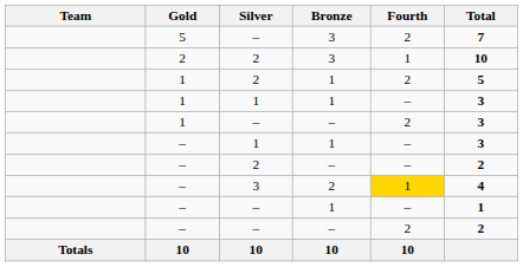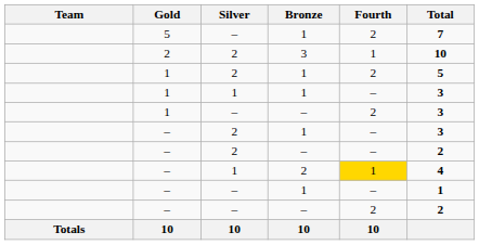 <table class="wikitable sortable" style="text-align:center;">
 <tr>
 <th style="width:10em;">Team</th>
 <th style="width:5em;">Gold</th>
 <th style="width:5em;">Silver</th>
 <th style="width:5.75em; padding:0; cell-spacing:0;">Bronze</th>
 <th style="width:5em;">Fourth</th>
 <th style="width:5em;">Total </th>
 </tr>
 <tr>
 <td align=left></td>
 <td>5</td>
 <td>–</td>
-<td>3</td>
+<td>1</td>
 <td>2</td>
 <td><strong>7</strong></td>
 </tr>
 <tr>
 <td align=left></td>
 <td>2</td>
 <td>2</td>
 <td>3</td>
 <td>1</td>
 <td><strong>10</strong></td>
 </tr>
 <tr>
 <td align=left></td>
 <td>1</td>
 <td>2</td>
 <td>1</td>
 <td>2</td>
 <td><strong>5</strong></td>
 </tr>
 <tr>
 <td align=left></td>
 <td>1</td>
 <td>1</td>
 <td>1</td>
 <td>–</td>
 <td><strong>3</strong></td>
 </tr>
 <tr>
 <td align=left></td>
 <td>1</td>
 <td>–</td>
 <td>–</td>
 <td>2</td>
 <td><strong>3</strong></td>
 </tr>
 <tr>
 <td align=left></td>
 <td>–</td>
-<td>1</td>
+<td>2</td>
 <td>1</td>
 <td>–</td>
 <td><strong>3</strong></td>
 </tr>
 <tr>
 <td align=left></td>
 <td>–</td>
 <td>2</td>
 <td>–</td>
 <td>–</td>
 <td><strong>2</strong></td>
 </tr>
 <tr>
 <td align=left></td>
 <td>–</td>
-<td>3</td>
+<td>1</td>
 <td>2</td>
 <td style="background: gold;">1</td>
 <td><strong>4</strong></td>
 </tr>
 <tr>
 <td align=left></td>
 <td>–</td>
 <td>–</td>
 <td>1</td>
 <td>–</td>
 <td><strong>1</strong></td>
 </tr>
 <tr>
 <td align=left></td>
 <td>–</td>
 <td>–</td>
 <td>–</td>
 <td>2</td>
 <td><strong>2</strong></td>
 </tr>
 <tr>
 <th>Totals</th>
 <th>10</th>
 <th>10</th>
 <th>10</th>
 <th>10</th>
 <th><strong></strong></th>
 </tr>
 </table>
